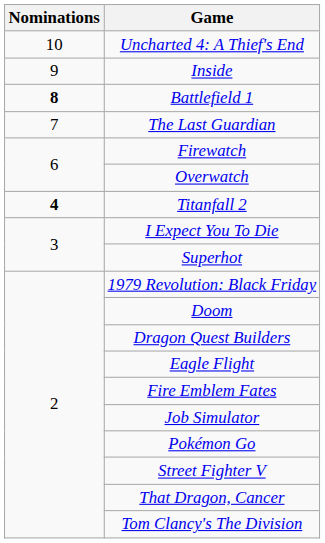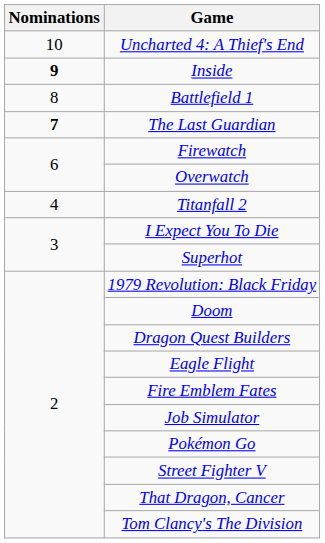 <table class="wikitable floatleft" rowspan="2" style="text-align:center;" background: #f6e39c;>
 <tr>
 <th scope="col">Nominations</th>
 <th scope="col">Game</th>
 </tr>
 <tr>
 <td>10</td>
 <td><em><a href='#'>Uncharted 4: A Thief's End</a></em></td>
 </tr>
 <tr>
-<td>9</td>
+<td><strong>9</strong></td>
 <td><em><a href='#'>Inside</a></em></td>
 </tr>
 <tr>
-<td><strong>8</strong></td>
+<td>8</td>
 <td><em><a href='#'>Battlefield 1</a></em></td>
 </tr>
 <tr>
-<td>7</td>
+<td><strong>7</strong></td>
 <td><em><a href='#'>The Last Guardian</a></em></td>
 </tr>
 <tr>
 <td rowspan=2>6</td>
 <td><em><a href='#'>Firewatch</a></em></td>
 </tr>
 <tr>
 <td><em><a href='#'>Overwatch</a></em></td>
 </tr>
 <tr>
-<td><strong>4</strong></td>
+<td>4</td>
 <td><em><a href='#'>Titanfall 2</a></em></td>
 </tr>
 <tr>
 <td rowspan=2>3</td>
 <td><em><a href='#'>I Expect You To Die</a></em></td>
 </tr>
 <tr>
 <td><em><a href='#'>Superhot</a></em></td>
 </tr>
 <tr>
 <td rowspan=10>2</td>
 <td><em><a href='#'>1979 Revolution: Black Friday</a></em></td>
 </tr>
 <tr>
 <td><em><a href='#'>Doom</a></em></td>
 </tr>
 <tr>
 <td><em><a href='#'>Dragon Quest Builders</a></em></td>
 </tr>
 <tr>
 <td><em><a href='#'>Eagle Flight</a></em></td>
 </tr>
 <tr>
 <td><em><a href='#'>Fire Emblem Fates</a></em></td>
 </tr>
 <tr>
 <td><em><a href='#'>Job Simulator</a></em></td>
 </tr>
 <tr>
 <td><em><a href='#'>Pokémon Go</a></em></td>
 </tr>
 <tr>
 <td><em><a href='#'>Street Fighter V</a></em></td>
 </tr>
 <tr>
 <td><em><a href='#'>That Dragon, Cancer</a></em></td>
 </tr>
 <tr>
 <td><em><a href='#'>Tom Clancy's The Division</a></em></td>
 </tr>
 </table>
